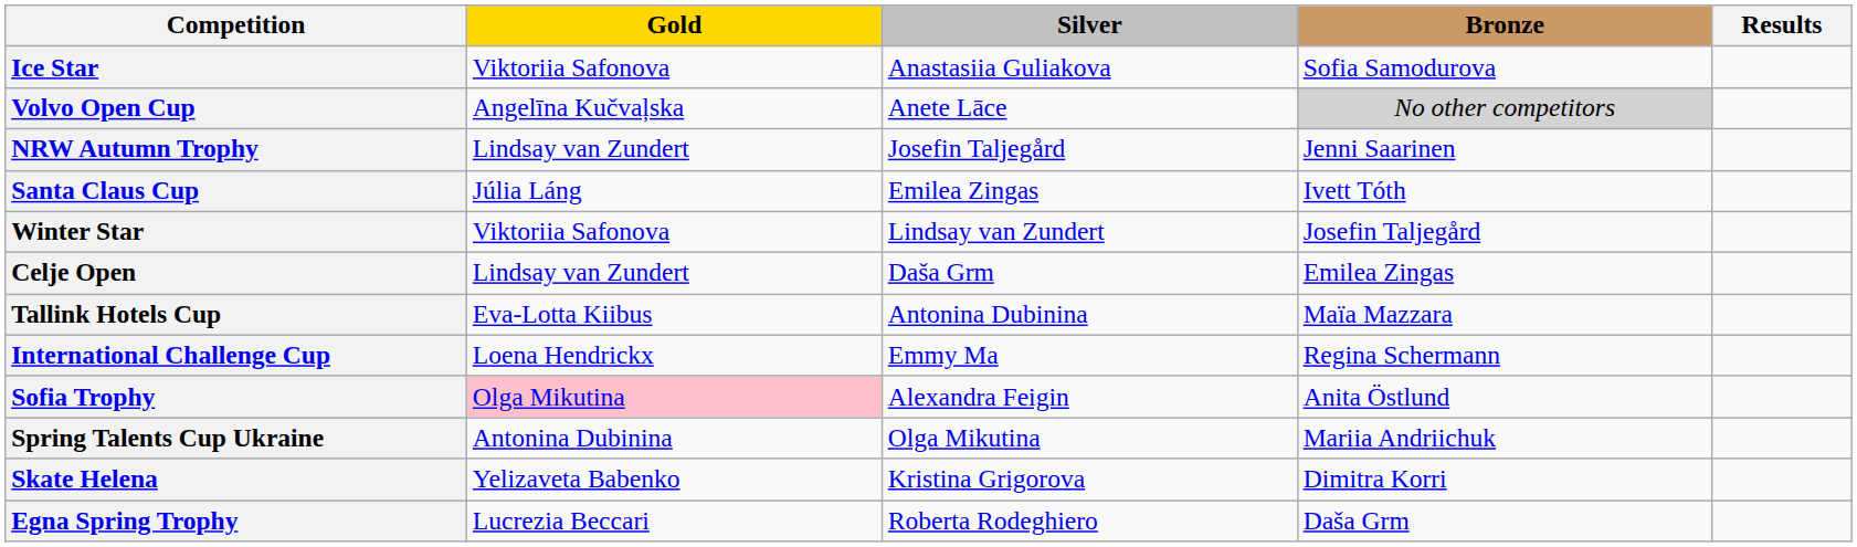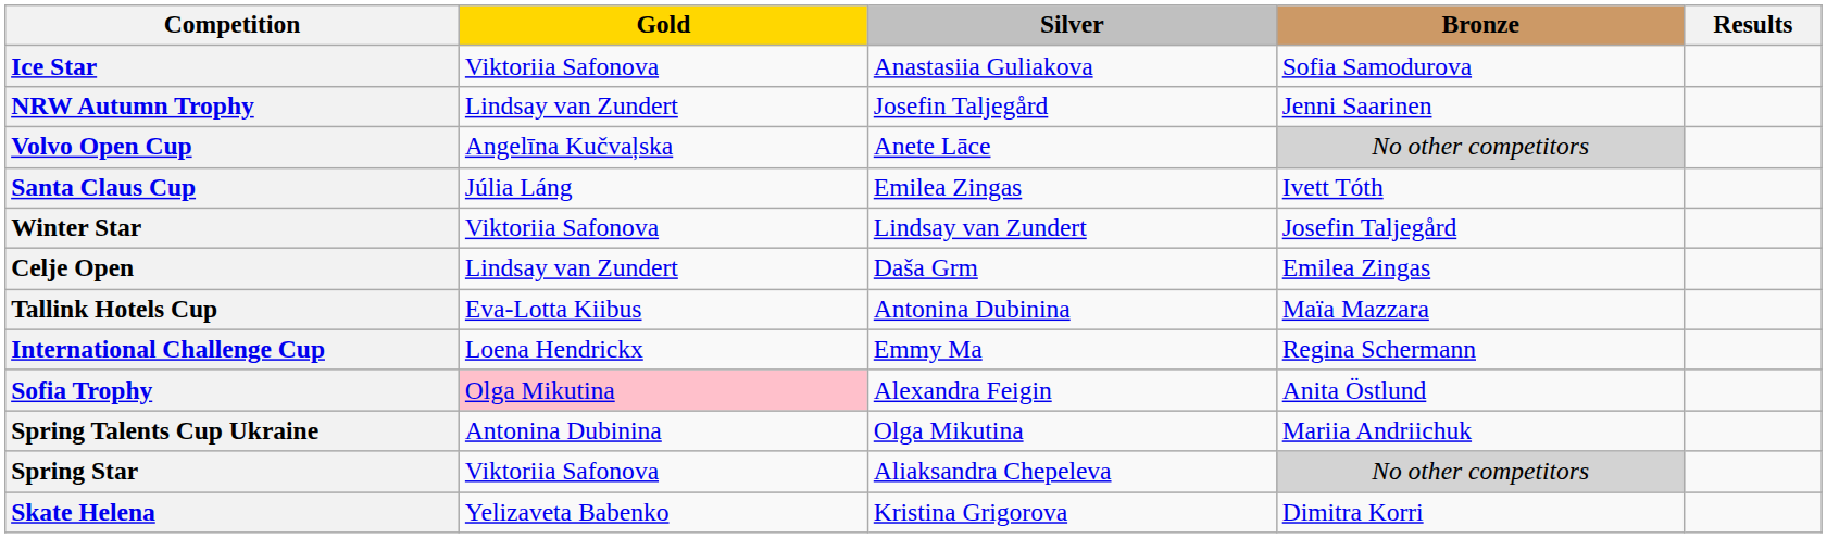 <table class="wikitable unsortable" style="text-align:left; width:90%;">
 <tr>
 <th scope="col" style="text-align:center; width:25%;">Competition</th>
 <td scope="col" style="text-align:center; width:22.5%; background:gold"><strong>Gold</strong></td>
 <td scope="col" style="text-align:center; width:22.5%; background:silver"><strong>Silver</strong></td>
 <td scope="col" style="text-align:center; width:22.5%; background:#c96"><strong>Bronze</strong></td>
 <th scope="col" style="text-align:center; width:7.5%;">Results</th>
 </tr>
 <tr>
 <th scope="row" style="text-align:left"> <a href='#'>Ice Star</a></th>
 <td> <a href='#'>Viktoriia Safonova</a></td>
 <td> <a href='#'>Anastasiia Guliakova</a></td>
 <td> <a href='#'>Sofia Samodurova</a></td>
 <td></td>
 </tr>
 <tr>
+<th scope="row" style="text-align:left"> <a href='#'>NRW Autumn Trophy</a></th>
+<td> <a href='#'>Lindsay van Zundert</a></td>
+<td> <a href='#'>Josefin Taljegård</a></td>
+<td> <a href='#'>Jenni Saarinen</a></td>
+<td></td>
+</tr>
+<tr>
 <th scope="row" style="text-align:left"> <a href='#'>Volvo Open Cup</a></th>
 <td> <a href='#'>Angelīna Kučvaļska</a></td>
 <td> <a href='#'>Anete Lāce</a></td>
 <td bgcolor="lightgray" align="center"><em>No other competitors</em></td>
-<td></td>
-</tr>
-<tr>
-<th scope="row" style="text-align:left"> <a href='#'>NRW Autumn Trophy</a></th>
-<td> <a href='#'>Lindsay van Zundert</a></td>
-<td> <a href='#'>Josefin Taljegård</a></td>
-<td> <a href='#'>Jenni Saarinen</a></td>
 <td></td>
 </tr>
 <tr>
 <th scope="row" style="text-align:left"> <a href='#'>Santa Claus Cup</a></th>
 <td> <a href='#'>Júlia Láng</a></td>
 <td> <a href='#'>Emilea Zingas</a></td>
 <td> <a href='#'>Ivett Tóth</a></td>
 <td></td>
 </tr>
 <tr>
 <th scope="row" style="text-align:left"> Winter Star</th>
 <td> <a href='#'>Viktoriia Safonova</a></td>
 <td> <a href='#'>Lindsay van Zundert</a></td>
 <td> <a href='#'>Josefin Taljegård</a></td>
 <td></td>
 </tr>
 <tr>
 <th scope="row" style="text-align:left"> Celje Open</th>
 <td> <a href='#'>Lindsay van Zundert</a></td>
 <td> <a href='#'>Daša Grm</a></td>
 <td> <a href='#'>Emilea Zingas</a></td>
 <td></td>
 </tr>
 <tr>
 <th scope="row" style="text-align:left"> Tallink Hotels Cup</th>
 <td> <a href='#'>Eva-Lotta Kiibus</a></td>
 <td> <a href='#'>Antonina Dubinina</a></td>
 <td> <a href='#'>Maïa Mazzara</a></td>
 <td></td>
 </tr>
 <tr>
 <th scope="row" style="text-align:left"> <a href='#'>International Challenge Cup</a></th>
 <td> <a href='#'>Loena Hendrickx</a></td>
 <td> <a href='#'>Emmy Ma</a></td>
 <td> <a href='#'>Regina Schermann</a></td>
 <td></td>
 </tr>
 <tr>
 <th scope="row" style="text-align:left"> <a href='#'>Sofia Trophy</a></th>
 <td style="background: pink;"> <a href='#'>Olga Mikutina</a></td>
 <td> <a href='#'>Alexandra Feigin</a></td>
 <td> <a href='#'>Anita Östlund</a></td>
 <td></td>
 </tr>
 <tr>
 <th scope="row" style="text-align:left"> Spring Talents Cup Ukraine</th>
 <td> <a href='#'>Antonina Dubinina</a></td>
 <td> <a href='#'>Olga Mikutina</a></td>
 <td> <a href='#'>Mariia Andriichuk</a></td>
 <td></td>
 </tr>
 <tr>
+<th scope="row" style="text-align:left"> Spring Star</th>
+<td> <a href='#'>Viktoriia Safonova</a></td>
+<td> <a href='#'>Aliaksandra Chepeleva</a></td>
+<td bgcolor="lightgray" align="center"><em>No other competitors</em></td>
+<td></td>
+</tr>
+<tr>
 <th scope="row" style="text-align:left"> <a href='#'>Skate Helena</a></th>
 <td> <a href='#'>Yelizaveta Babenko</a></td>
 <td> <a href='#'>Kristina Grigorova</a></td>
 <td> <a href='#'>Dimitra Korri</a></td>
 <td></td>
 </tr>
-<tr>
-<th scope="row" style="text-align:left"> <a href='#'>Egna Spring Trophy</a></th>
-<td> <a href='#'>Lucrezia Beccari</a></td>
-<td> <a href='#'>Roberta Rodeghiero</a></td>
-<td> <a href='#'>Daša Grm</a></td>
-<td></td>
-</tr>
 </table>
